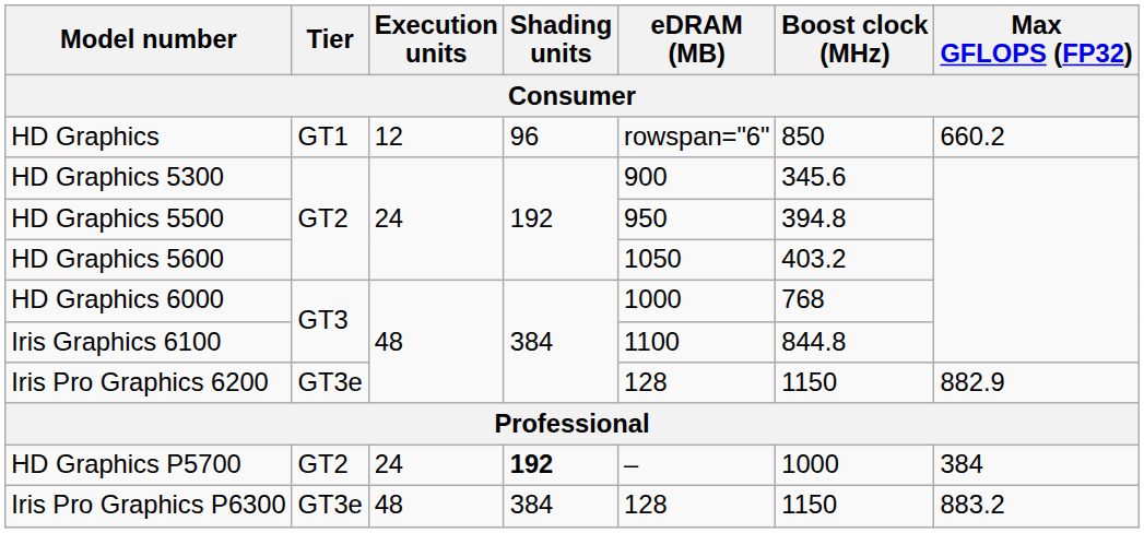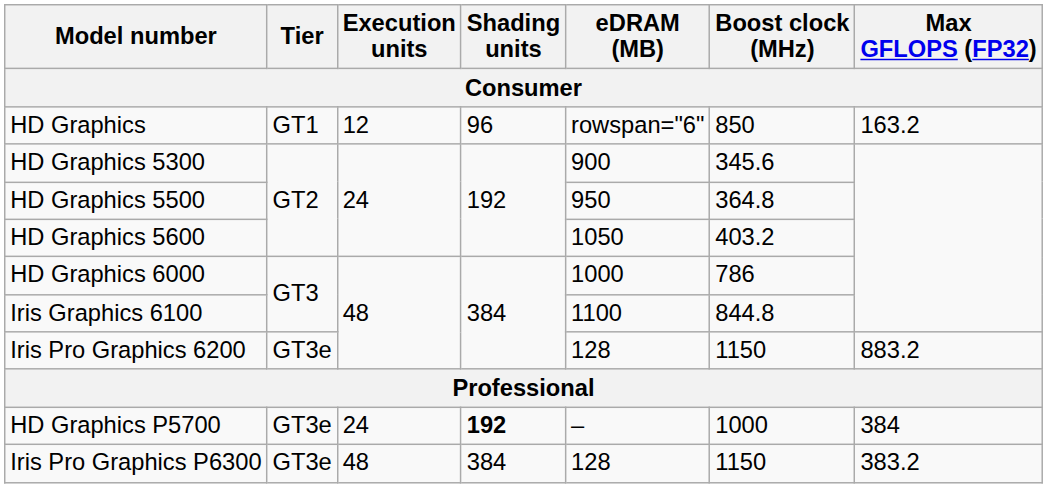 <table class="wikitable">
 <tr>
 <th>Model number</th>
 <th>Tier</th>
 <th>Execution <br> units</th>
 <th>Shading <br> units</th>
 <th>eDRAM <br> (MB)</th>
 <th>Boost clock <br> (MHz)</th>
 <th>Max <br> <a href='#'>GFLOPS</a> (<a href='#'>FP32</a>)</th>
 </tr>
 <tr>
 <th colspan=7>Consumer</th>
 </tr>
 <tr>
 <td>HD Graphics</td>
 <td>GT1</td>
 <td>12</td>
 <td>96</td>
 <td>rowspan="6" </td>
 <td>850</td>
-<td>660.2</td>
+<td>163.2</td>
 </tr>
 <tr>
 <td>HD Graphics 5300</td>
 <td rowspan="3">GT2</td>
 <td rowspan="3">24</td>
 <td rowspan="3">192</td>
 <td>900</td>
 <td>345.6</td>
 </tr>
 <tr>
 <td>HD Graphics 5500</td>
 <td>950</td>
-<td>394.8</td>
+<td>364.8</td>
 </tr>
 <tr>
 <td>HD Graphics 5600</td>
 <td>1050</td>
 <td>403.2</td>
 </tr>
 <tr>
 <td>HD Graphics 6000</td>
 <td rowspan="2">GT3</td>
 <td rowspan="3">48</td>
 <td rowspan="3">384</td>
 <td>1000</td>
-<td>768</td>
+<td>786</td>
 </tr>
 <tr>
 <td>Iris Graphics 6100</td>
 <td>1100</td>
 <td>844.8</td>
 </tr>
 <tr>
 <td>Iris Pro Graphics 6200</td>
 <td>GT3e</td>
 <td>128</td>
 <td>1150</td>
-<td>882.9</td>
+<td>883.2</td>
 </tr>
 <tr>
 <th colspan=7>Professional</th>
 </tr>
 <tr>
 <td>HD Graphics P5700</td>
-<td>GT2</td>
+<td>GT3e</td>
 <td>24</td>
 <td><strong>192</strong></td>
 <td>–</td>
 <td>1000</td>
 <td>384</td>
 </tr>
 <tr>
 <td>Iris Pro Graphics P6300</td>
 <td>GT3e</td>
 <td>48</td>
 <td>384</td>
 <td>128</td>
 <td>1150</td>
-<td>883.2</td>
+<td>383.2</td>
 </tr>
 </table>
